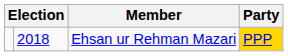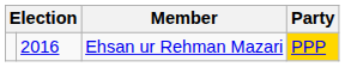 <table class="wikitable">
 <tr>
 <th colspan="2">Election</th>
 <th>Member</th>
 <th>Party</th>
 </tr>
 <tr>
 <td style="background-color: "></td>
-<td><a href='#'>2018</a></td>
+<td><a href='#'>2016</a></td>
 <td><a href='#'>Ehsan ur Rehman Mazari</a></td>
 <td style="background: gold;"><a href='#'>PPP</a></td>
 </tr>
 </table>
